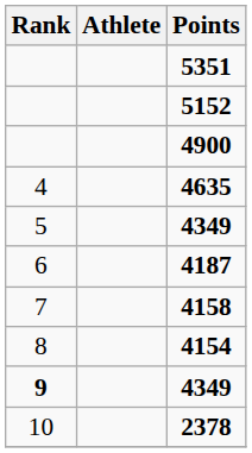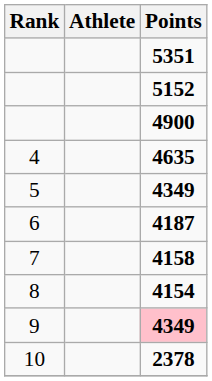 <table class=wikitable style="text-align:center;">
 <tr>
 <th>Rank</th>
 <th>Athlete</th>
 <th>Points</th>
 </tr>
 <tr>
 <td></td>
 <td align=left></td>
 <td><strong>5351</strong></td>
 </tr>
 <tr>
 <td></td>
 <td align=left></td>
 <td><strong>5152</strong></td>
 </tr>
 <tr>
 <td></td>
 <td align=left></td>
 <td><strong>4900</strong></td>
 </tr>
 <tr>
 <td>4</td>
 <td align=left></td>
 <td><strong>4635</strong></td>
 </tr>
 <tr>
 <td>5</td>
 <td align=left></td>
 <td><strong>4349</strong></td>
 </tr>
 <tr>
 <td>6</td>
 <td align=left></td>
 <td><strong>4187</strong></td>
 </tr>
 <tr>
 <td>7</td>
 <td align=left></td>
 <td><strong>4158</strong></td>
 </tr>
 <tr>
 <td>8</td>
 <td align=left></td>
 <td><strong>4154</strong></td>
 </tr>
 <tr>
-<td><strong>9</strong></td>
+<td>9</td>
 <td align=left></td>
-<td><strong>4349</strong></td>
+<td style="background: pink;"><strong>4349</strong></td>
 </tr>
 <tr>
 <td>10</td>
 <td align=left></td>
 <td><strong>2378</strong></td>
 </tr>
 <tr>
 </tr>
 </table>
